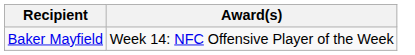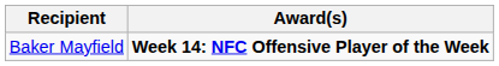 <table class="wikitable">
 <tr>
 <th>Recipient</th>
 <th>Award(s)</th>
 </tr>
 <tr>
 <td><a href='#'>Baker Mayfield</a></td>
-<td>Week 14: <a href='#'>NFC</a> Offensive Player of the Week</td>
+<td><strong>Week 14: <a href='#'>NFC</a> Offensive Player of the Week</strong></td>
 </tr>
 </table>
